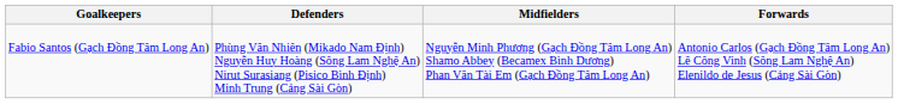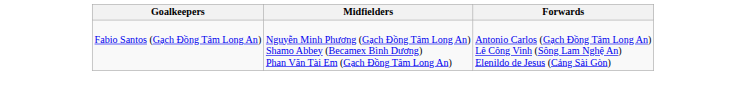 <table class="wikitable" style="mArgin: 0 auto;">
 <tr>
 <th>Goalkeepers</th>
-<th>Defenders</th>
 <th>Midfielders</th>
 <th>Forwards</th>
 </tr>
 <tr>
 <td valign=top><br> <a href='#'>Fabio Santos</a> (<a href='#'>Gạch Đồng Tâm Long An</a>) <br></td>
-<td valign=top><br> <a href='#'>Phùng Văn Nhiên</a> (<a href='#'>Mikado Nam Định</a>)<br>  <a href='#'>Nguyễn Huy Hoàng</a> (<a href='#'>Sông Lam Nghệ An</a>)<br>  <a href='#'>Nirut Surasiang</a> (<a href='#'>Pisico Bình Định</a>)<br>  <a href='#'>Minh Trung</a> (<a href='#'>Cảng Sài Gòn</a>)</td>
 <td valign=top><br> <a href='#'>Nguyễn Minh Phương</a> (<a href='#'>Gạch Đồng Tâm Long An</a>)<br>  <a href='#'>Shamo Abbey</a> (<a href='#'>Becamex Bình Dương</a>)<br>  <a href='#'>Phan Văn Tài Em</a> (<a href='#'>Gạch Đồng Tâm Long An</a>)</td>
 <td valign=top><br> <a href='#'>Antonio Carlos</a>    (<a href='#'>Gạch Đồng Tâm Long An</a>)<br>  <a href='#'>Lê Công Vinh</a>      (<a href='#'>Sông Lam Nghệ An</a>)<br>  <a href='#'>Elenildo de Jesus</a> (<a href='#'>Cảng Sài Gòn</a>)</td>
 </tr>
 </table>
